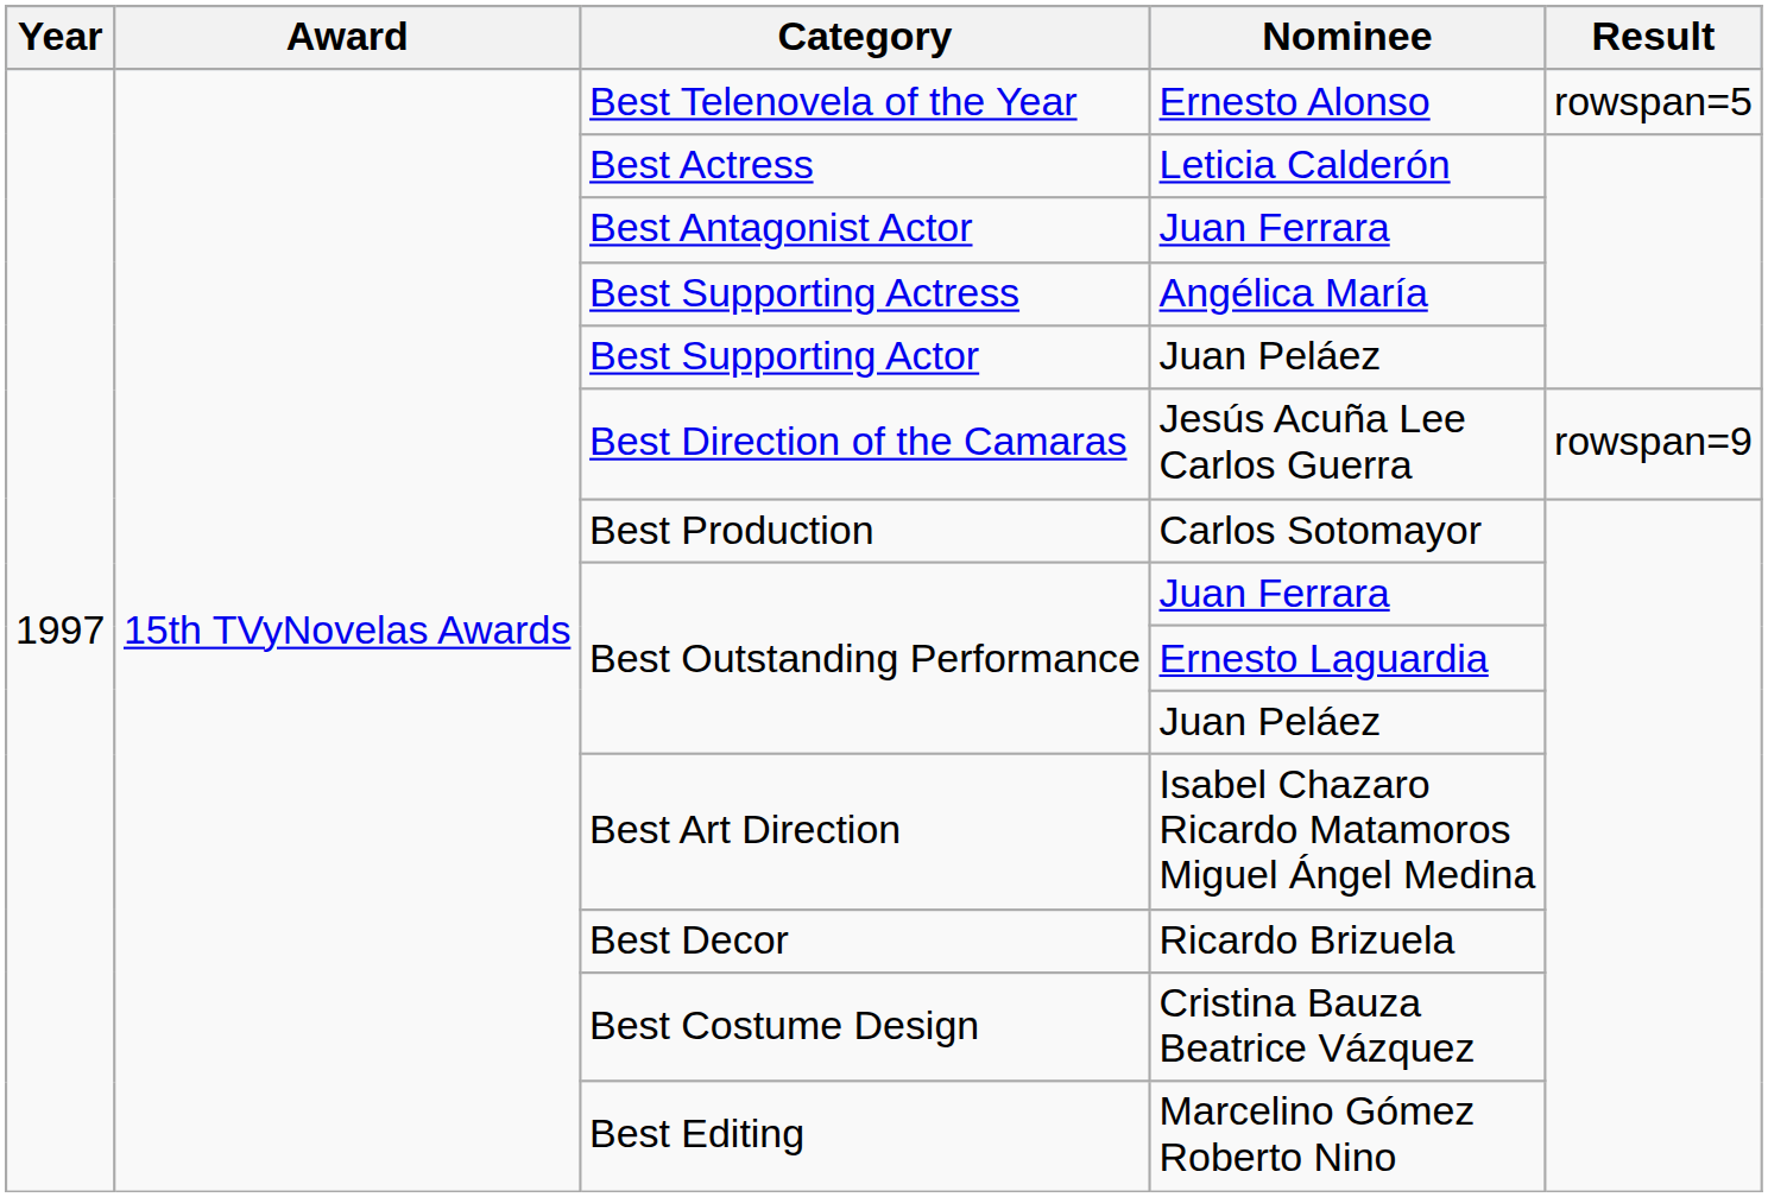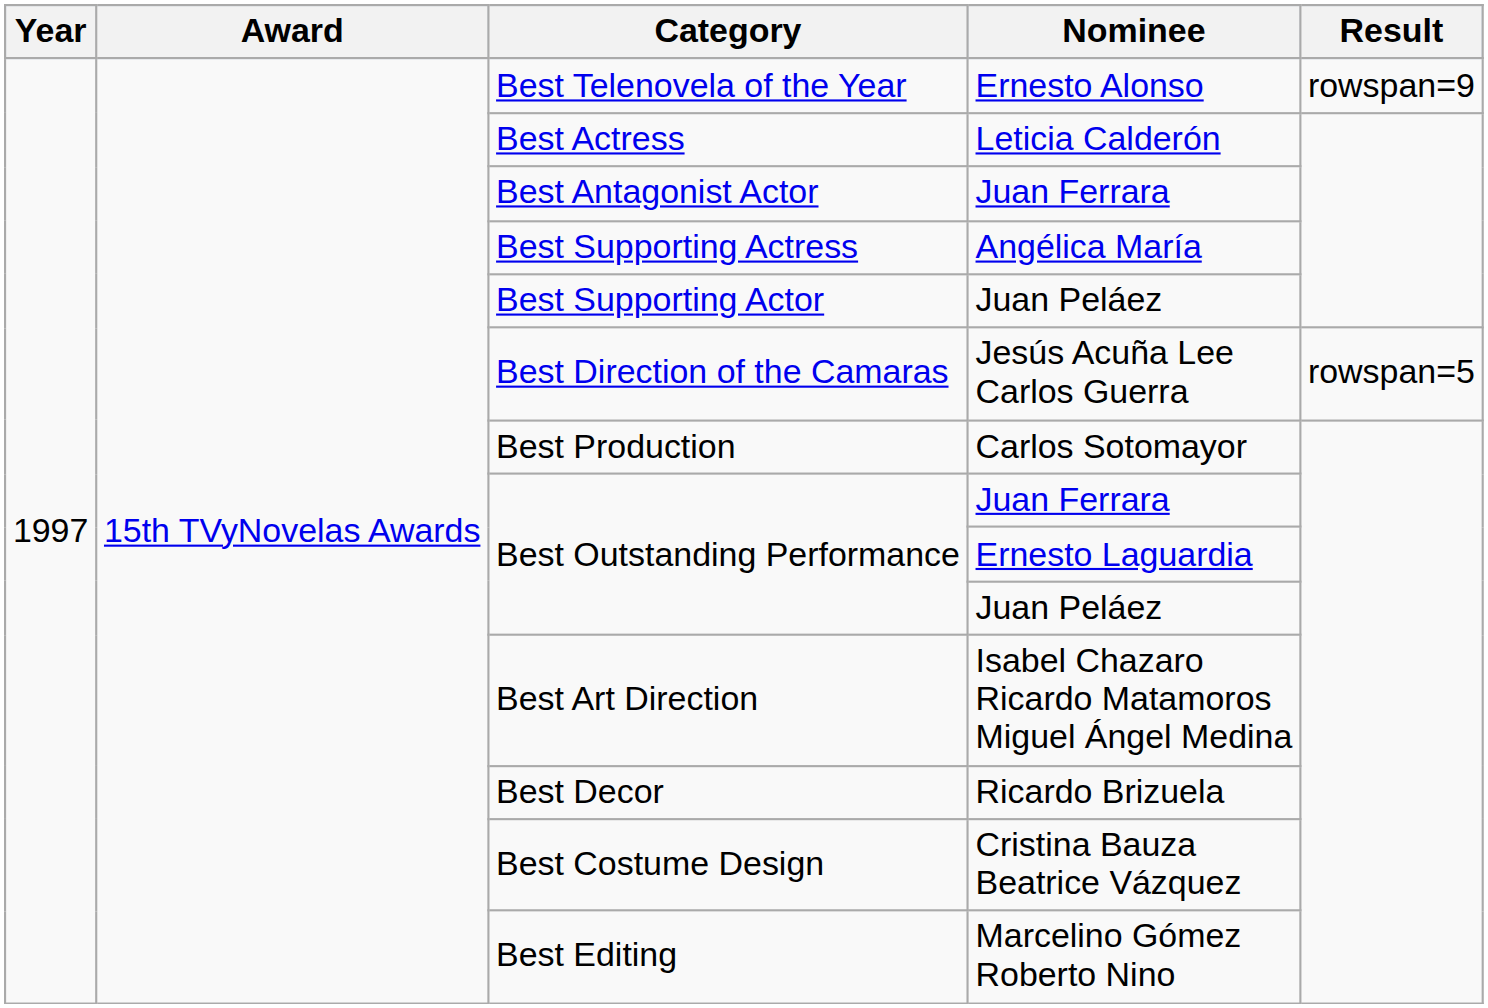 <table class="wikitable">
 <tr style="background:#b0c4de;">
 <th>Year</th>
 <th>Award</th>
 <th>Category</th>
 <th>Nominee</th>
 <th>Result</th>
 </tr>
 <tr>
 <td rowspan=14>1997</td>
 <td rowspan=14><a href='#'>15th TVyNovelas Awards</a></td>
 <td><a href='#'>Best Telenovela of the Year</a></td>
 <td><a href='#'>Ernesto Alonso</a></td>
-<td>rowspan=5 </td>
+<td>rowspan=9 </td>
 </tr>
 <tr>
 <td><a href='#'>Best Actress</a></td>
 <td><a href='#'>Leticia Calderón</a></td>
 </tr>
 <tr>
 <td><a href='#'>Best Antagonist Actor</a></td>
 <td><a href='#'>Juan Ferrara</a></td>
 </tr>
 <tr>
 <td><a href='#'>Best Supporting Actress</a></td>
 <td><a href='#'>Angélica María</a></td>
 </tr>
 <tr>
 <td><a href='#'>Best Supporting Actor</a></td>
 <td>Juan Peláez</td>
 </tr>
 <tr>
 <td><a href='#'>Best Direction of the Camaras</a></td>
 <td>Jesús Acuña Lee<br>Carlos Guerra</td>
-<td>rowspan=9 </td>
+<td>rowspan=5 </td>
 </tr>
 <tr>
 <td>Best Production</td>
 <td>Carlos Sotomayor</td>
 </tr>
 <tr>
 <td rowspan=3>Best Outstanding Performance</td>
 <td><a href='#'>Juan Ferrara</a></td>
 </tr>
 <tr>
 <td><a href='#'>Ernesto Laguardia</a></td>
 </tr>
 <tr>
 <td>Juan Peláez</td>
 </tr>
 <tr>
 <td>Best Art Direction</td>
 <td>Isabel Chazaro<br>Ricardo Matamoros<br>Miguel Ángel Medina</td>
 </tr>
 <tr>
 <td>Best Decor</td>
 <td>Ricardo Brizuela</td>
 </tr>
 <tr>
 <td>Best Costume Design</td>
 <td>Cristina Bauza<br>Beatrice Vázquez</td>
 </tr>
 <tr>
 <td>Best Editing</td>
 <td>Marcelino Gómez<br>Roberto Nino</td>
 </tr>
 </table>
